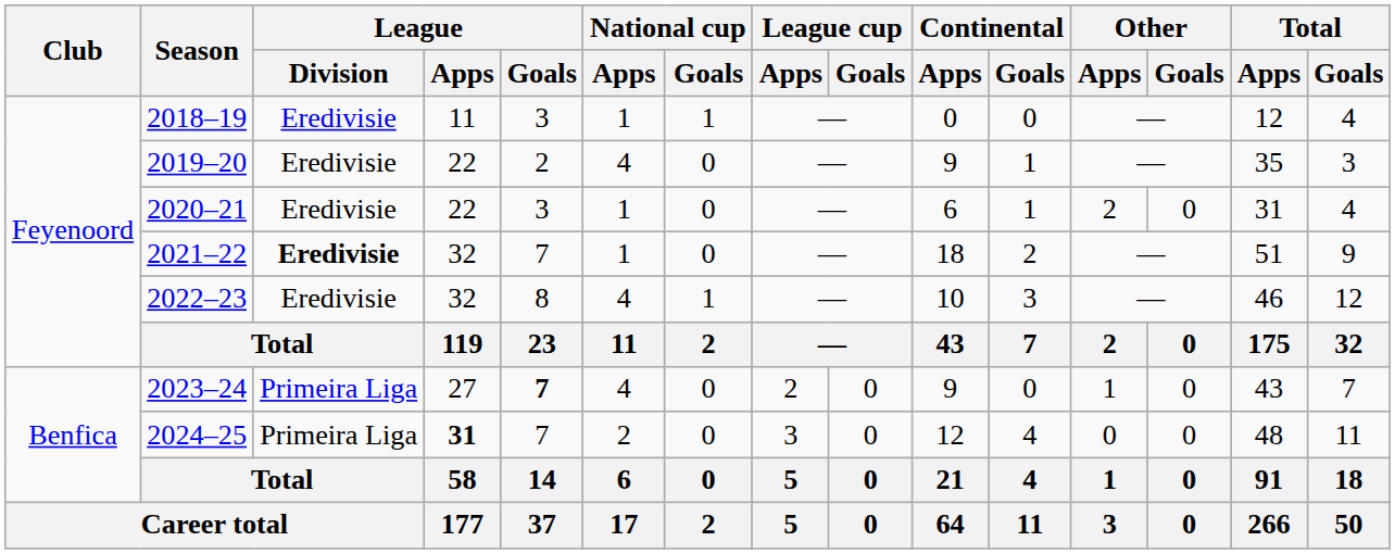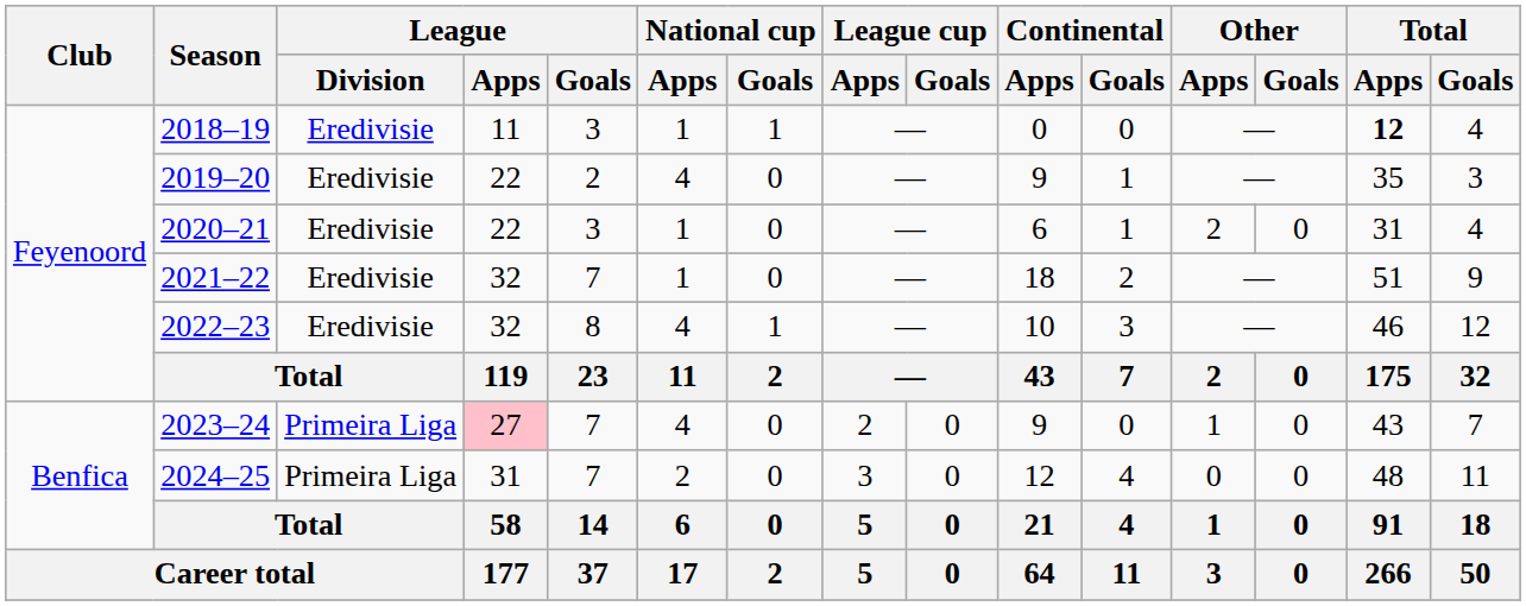 <table class="wikitable" style="text-align:center">
 <tr>
 <th rowspan="2">Club</th>
 <th rowspan="2">Season</th>
 <th colspan="3">League</th>
 <th colspan="2">National cup</th>
 <th colspan="2">League cup</th>
 <th colspan="2">Continental</th>
 <th colspan="2">Other</th>
 <th colspan="2">Total</th>
 </tr>
 <tr>
 <th>Division</th>
 <th>Apps</th>
 <th>Goals</th>
 <th>Apps</th>
 <th>Goals</th>
 <th>Apps</th>
 <th>Goals</th>
 <th>Apps</th>
 <th>Goals</th>
 <th>Apps</th>
 <th>Goals</th>
 <th>Apps</th>
 <th>Goals</th>
 </tr>
 <tr>
 <td rowspan="6"><a href='#'>Feyenoord</a></td>
 <td><a href='#'>2018–19</a></td>
 <td><a href='#'>Eredivisie</a></td>
 <td>11</td>
 <td>3</td>
 <td>1</td>
 <td>1</td>
 <td colspan="2">—</td>
 <td>0</td>
 <td>0</td>
 <td colspan="2">—</td>
-<td>12</td>
+<td><strong>12</strong></td>
 <td>4</td>
 </tr>
 <tr>
 <td><a href='#'>2019–20</a></td>
 <td>Eredivisie</td>
 <td>22</td>
 <td>2</td>
 <td>4</td>
 <td>0</td>
 <td colspan="2">—</td>
 <td>9</td>
 <td>1</td>
 <td colspan="2">—</td>
 <td>35</td>
 <td>3</td>
 </tr>
 <tr>
 <td><a href='#'>2020–21</a></td>
 <td>Eredivisie</td>
 <td>22</td>
 <td>3</td>
 <td>1</td>
 <td>0</td>
 <td colspan="2">—</td>
 <td>6</td>
 <td>1</td>
 <td>2</td>
 <td>0</td>
 <td>31</td>
 <td>4</td>
 </tr>
 <tr>
 <td><a href='#'>2021–22</a></td>
-<td><strong>Eredivisie</strong></td>
+<td>Eredivisie</td>
 <td>32</td>
 <td>7</td>
 <td>1</td>
 <td>0</td>
 <td colspan="2">—</td>
 <td>18</td>
 <td>2</td>
 <td colspan="2">—</td>
 <td>51</td>
 <td>9</td>
 </tr>
 <tr>
 <td><a href='#'>2022–23</a></td>
 <td>Eredivisie</td>
 <td>32</td>
 <td>8</td>
 <td>4</td>
 <td>1</td>
 <td colspan="2">—</td>
 <td>10</td>
 <td>3</td>
 <td colspan="2">—</td>
 <td>46</td>
 <td>12</td>
 </tr>
 <tr>
 <th colspan="2">Total</th>
 <th>119</th>
 <th>23</th>
 <th>11</th>
 <th>2</th>
 <th colspan="2">—</th>
 <th>43</th>
 <th>7</th>
 <th>2</th>
 <th>0</th>
 <th>175</th>
 <th>32</th>
 </tr>
 <tr>
 <td rowspan="3"><a href='#'>Benfica</a></td>
 <td><a href='#'>2023–24</a></td>
 <td><a href='#'>Primeira Liga</a></td>
-<td>27</td>
-<td><strong>7</strong></td>
+<td style="background: pink;">27</td>
+<td>7</td>
 <td>4</td>
 <td>0</td>
 <td>2</td>
 <td>0</td>
 <td>9</td>
 <td>0</td>
 <td>1</td>
 <td>0</td>
 <td>43</td>
 <td>7</td>
 </tr>
 <tr>
 <td><a href='#'>2024–25</a></td>
 <td>Primeira Liga</td>
-<td><strong>31</strong></td>
+<td>31</td>
 <td>7</td>
 <td>2</td>
 <td>0</td>
 <td>3</td>
 <td>0</td>
 <td>12</td>
 <td>4</td>
 <td>0</td>
 <td>0</td>
 <td>48</td>
 <td>11</td>
 </tr>
 <tr>
 <th colspan="2">Total</th>
 <th>58</th>
 <th>14</th>
 <th>6</th>
 <th>0</th>
 <th>5</th>
 <th>0</th>
 <th>21</th>
 <th>4</th>
 <th>1</th>
 <th>0</th>
 <th>91</th>
 <th>18</th>
 </tr>
 <tr>
 <th colspan="3">Career total</th>
 <th>177</th>
 <th>37</th>
 <th>17</th>
 <th>2</th>
 <th>5</th>
 <th>0</th>
 <th>64</th>
 <th>11</th>
 <th>3</th>
 <th>0</th>
 <th>266</th>
 <th>50</th>
 </tr>
 </table>
